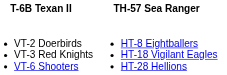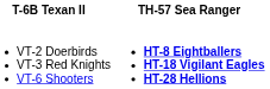 <table>
 <tr>
 <th>T-6B Texan II</th>
 <th>TH-57 Sea Ranger</th>
 </tr>
 <tr>
 <td valign=top><br><ul><li>VT-2 Doerbirds</li><li>VT-3 Red Knights</li><li><a href='#'>VT-6 Shooters</a></li></ul></td>
-<td valign=top><br><ul><li><a href='#'>HT-8 Eightballers</a></li><li><a href='#'>HT-18 Vigilant Eagles</a></li><li><a href='#'>HT-28 Hellions</a></li></ul></td>
+<td valign=top><strong><br><ul><li><a href='#'>HT-8 Eightballers</a></li><li><a href='#'>HT-18 Vigilant Eagles</a></li><li><a href='#'>HT-28 Hellions</a></li></ul></strong></td>
 </tr>
 </table>
